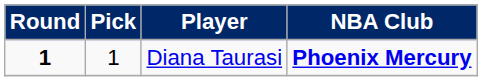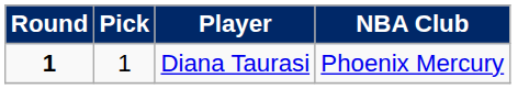 <table class="wikitable">
 <tr>
 <th style="background:#002868;color:#FFFFFF;">Round</th>
 <th style="background:#002868;color:#FFFFFF;">Pick</th>
 <th style="background:#002868;color:#FFFFFF;">Player</th>
 <th style="background:#002868;color:#FFFFFF;">NBA Club</th>
 </tr>
 <tr align="center" bgcolor="">
 <td><strong>1</strong></td>
 <td>1</td>
 <td><a href='#'>Diana Taurasi</a></td>
-<td><strong><a href='#'>Phoenix Mercury</a></strong></td>
+<td><a href='#'>Phoenix Mercury</a></td>
 </tr>
 <tr align="center" bgcolor="">
 </tr>
 </table>
